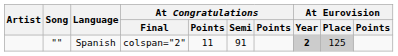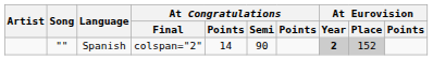 <table class="wikitable plainrowheaders" style="text-align:center;">
 <tr>
 <th rowspan="2" scope="col">Artist</th>
 <th rowspan="2" scope="col">Song</th>
 <th scope="col" rowspan="2">Language</th>
 <th scope="colgroup" colspan="4">At <em>Congratulations</em></th>
 <th scope="colgroup" colspan="3">At Eurovision</th>
 </tr>
 <tr>
 <th scope="col">Final</th>
 <th scope="col">Points</th>
 <th scope="col">Semi</th>
 <th scope="col">Points</th>
 <th scope="col">Year</th>
 <th scope="col">Place</th>
 <th scope="col">Points</th>
 </tr>
 <tr>
 <td></td>
 <td>""</td>
 <td>Spanish</td>
 <td>colspan="2" </td>
-<td style="text-align:center;">11</td>
-<td style="text-align:center;">91</td>
+<td style="text-align:center;">14</td>
+<td style="text-align:center;">90</td>
 <td style="text-align:center;"></td>
 <td style="text-align:center; background-color:#CCC;"><strong>2</strong></td>
-<td style="text-align:center; background-color:#CCC;">125</td>
+<td style="text-align:center; background-color:#CCC;">152</td>
 </tr>
 </table>
